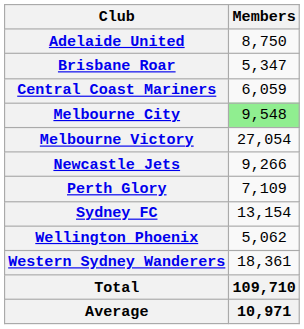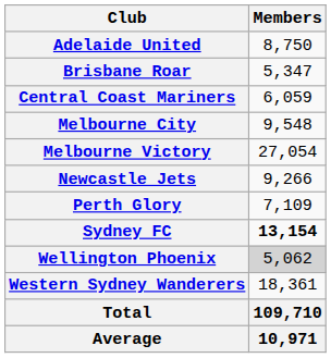 <table class="wikitable plainrowheaders sortable" style="text-align:center;">
 <tr>
 <th>Club</th>
 <th>Members</th>
 </tr>
 <tr>
 <th scope="row"><a href='#'>Adelaide United</a></th>
 <td>8,750</td>
 </tr>
 <tr>
 <th scope="row"><a href='#'>Brisbane Roar</a></th>
 <td>5,347</td>
 </tr>
 <tr>
 <th scope="row"><a href='#'>Central Coast Mariners</a></th>
 <td>6,059</td>
 </tr>
 <tr>
 <th scope="row"><a href='#'>Melbourne City</a></th>
-<td style="background: lightgreen;">9,548</td>
+<td>9,548</td>
 </tr>
 <tr>
 <th scope="row"><a href='#'>Melbourne Victory</a></th>
 <td>27,054</td>
 </tr>
 <tr>
 <th scope="row"><a href='#'>Newcastle Jets</a></th>
 <td>9,266</td>
 </tr>
 <tr>
 <th scope="row"><a href='#'>Perth Glory</a></th>
 <td>7,109</td>
 </tr>
 <tr>
 <th scope="row"><a href='#'>Sydney FC</a></th>
-<td>13,154</td>
+<td><strong>13,154</strong></td>
 </tr>
 <tr>
 <th scope="row"><a href='#'>Wellington Phoenix</a></th>
-<td>5,062</td>
+<td style="background: lightgrey;">5,062</td>
 </tr>
 <tr>
 <th scope="row"><a href='#'>Western Sydney Wanderers</a></th>
 <td>18,361</td>
 </tr>
 <tr>
 <th>Total</th>
 <th>109,710</th>
 </tr>
 <tr>
 <th>Average</th>
 <th>10,971</th>
 </tr>
 </table>
